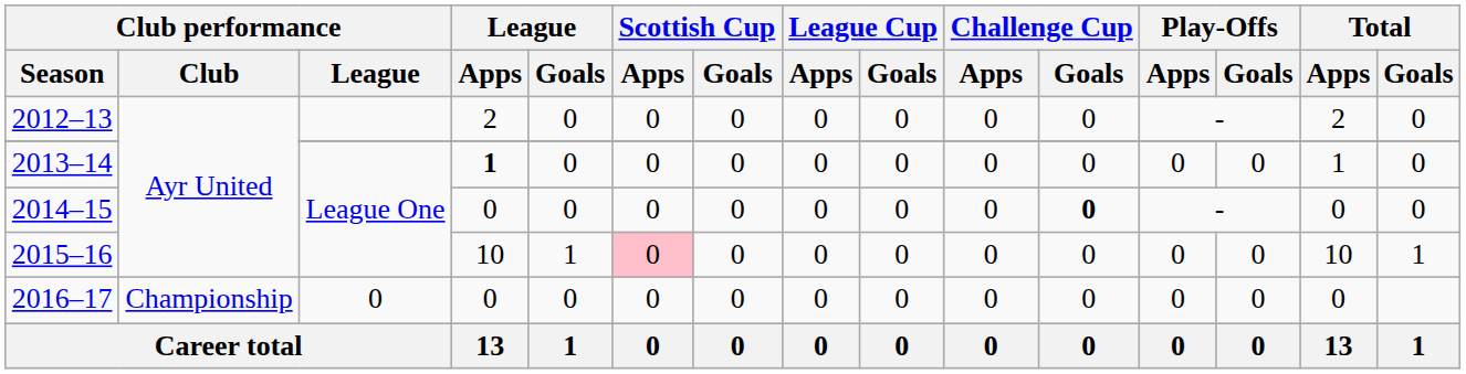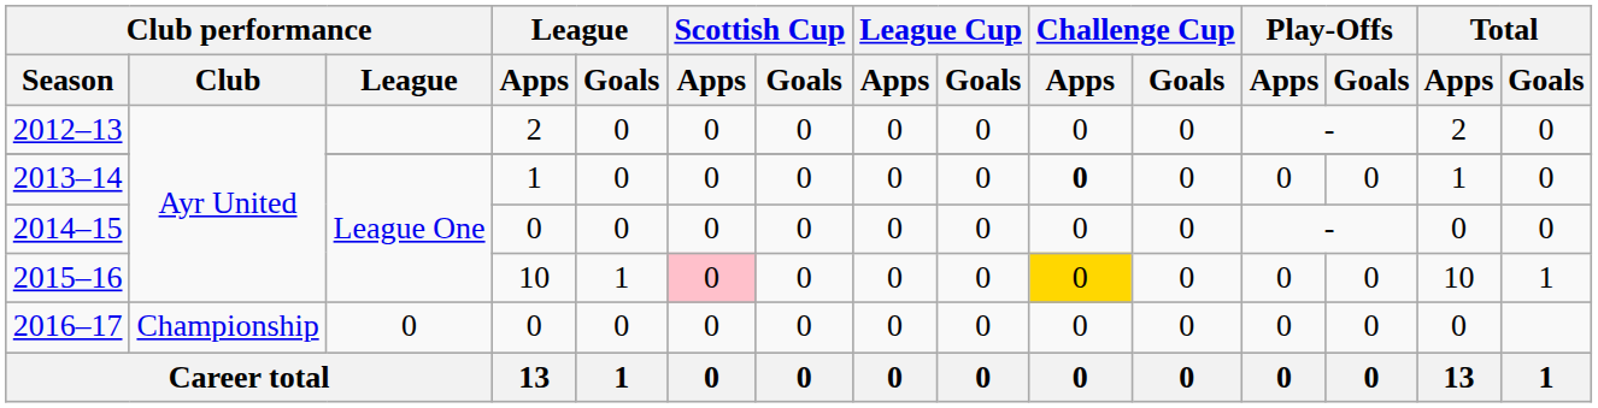 <table class="wikitable" style="text-align:center;">
 <tr>
 <th colspan=3>Club performance</th>
 <th colspan=2>League</th>
 <th colspan=2><a href='#'>Scottish Cup</a></th>
 <th colspan=2><a href='#'>League Cup</a></th>
 <th colspan=2><a href='#'>Challenge Cup</a></th>
 <th colspan=2>Play-Offs</th>
 <th colspan=2>Total</th>
 </tr>
 <tr>
 <th>Season</th>
 <th>Club</th>
 <th>League</th>
 <th>Apps</th>
 <th>Goals</th>
 <th>Apps</th>
 <th>Goals</th>
 <th>Apps</th>
 <th>Goals</th>
 <th>Apps</th>
 <th>Goals</th>
 <th>Apps</th>
 <th>Goals</th>
 <th>Apps</th>
 <th>Goals</th>
 </tr>
 <tr>
 <td><a href='#'>2012–13</a></td>
 <td rowspan="5"><a href='#'>Ayr United</a></td>
 <td></td>
 <td>2</td>
 <td>0</td>
 <td>0</td>
 <td>0</td>
 <td>0</td>
 <td>0</td>
 <td>0</td>
 <td>0</td>
 <td colspan="2">-</td>
 <td>2</td>
 <td>0</td>
 </tr>
 <tr>
 </tr>
 <tr>
 <td><a href='#'>2013–14</a></td>
 <td rowspan="3"><a href='#'>League One</a></td>
-<td><strong>1</strong></td>
+<td>1</td>
 <td>0</td>
 <td>0</td>
 <td>0</td>
 <td>0</td>
 <td>0</td>
-<td>0</td>
+<td><strong>0</strong></td>
 <td>0</td>
 <td>0</td>
 <td>0</td>
 <td>1</td>
 <td>0</td>
 </tr>
 <tr>
 <td><a href='#'>2014–15</a></td>
 <td>0</td>
 <td>0</td>
 <td>0</td>
 <td>0</td>
 <td>0</td>
 <td>0</td>
 <td>0</td>
-<td><strong>0</strong></td>
+<td>0</td>
 <td colspan="2">-</td>
 <td>0</td>
 <td>0</td>
 </tr>
 <tr>
 <td><a href='#'>2015–16</a></td>
 <td>10</td>
 <td>1</td>
 <td style="background: pink;">0</td>
 <td>0</td>
 <td>0</td>
 <td>0</td>
-<td>0</td>
+<td style="background: gold;">0</td>
 <td>0</td>
 <td>0</td>
 <td>0</td>
 <td>10</td>
 <td>1</td>
 </tr>
 <tr>
 <td><a href='#'>2016–17</a></td>
 <td><a href='#'>Championship</a></td>
 <td>0</td>
 <td>0</td>
 <td>0</td>
 <td>0</td>
 <td>0</td>
 <td>0</td>
 <td>0</td>
 <td>0</td>
 <td>0</td>
 <td>0</td>
 <td>0</td>
 <td>0</td>
 </tr>
 <tr>
 <th colspan=3>Career total</th>
 <th>13</th>
 <th>1</th>
 <th>0</th>
 <th>0</th>
 <th>0</th>
 <th>0</th>
 <th>0</th>
 <th>0</th>
 <th>0</th>
 <th>0</th>
 <th>13</th>
 <th>1</th>
 </tr>
 </table>
